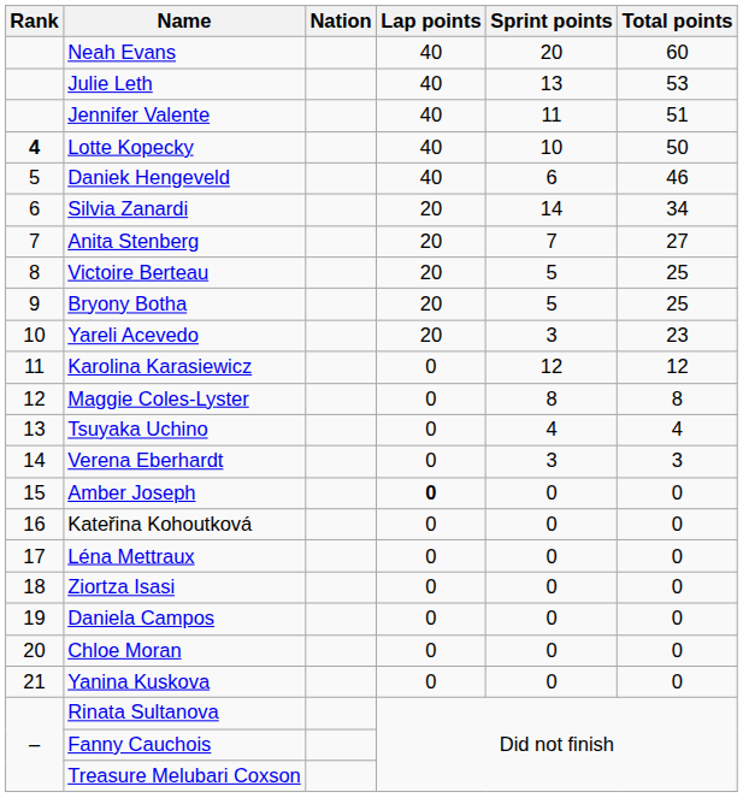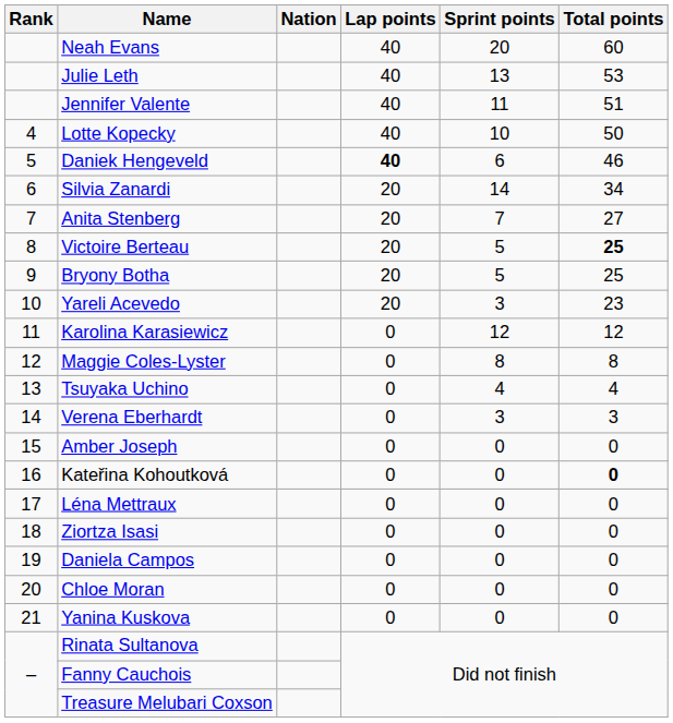 <table class="wikitable sortable" style="text-align:center">
 <tr>
 <th>Rank</th>
 <th>Name</th>
 <th>Nation</th>
 <th>Lap points</th>
 <th>Sprint points</th>
 <th>Total points</th>
 </tr>
 <tr>
 <td></td>
 <td align=left><a href='#'>Neah Evans</a></td>
 <td align=left></td>
 <td>40</td>
 <td>20</td>
 <td>60</td>
 </tr>
 <tr>
 <td></td>
 <td align=left><a href='#'>Julie Leth</a></td>
 <td align=left></td>
 <td>40</td>
 <td>13</td>
 <td>53</td>
 </tr>
 <tr>
 <td></td>
 <td align=left><a href='#'>Jennifer Valente</a></td>
 <td align=left></td>
 <td>40</td>
 <td>11</td>
 <td>51</td>
 </tr>
 <tr>
-<td><strong>4</strong></td>
+<td>4</td>
 <td align=left><a href='#'>Lotte Kopecky</a></td>
 <td align=left></td>
 <td>40</td>
 <td>10</td>
 <td>50</td>
 </tr>
 <tr>
 <td>5</td>
 <td align=left><a href='#'>Daniek Hengeveld</a></td>
 <td align=left></td>
-<td>40</td>
+<td><strong>40</strong></td>
 <td>6</td>
 <td>46</td>
 </tr>
 <tr>
 <td>6</td>
 <td align=left><a href='#'>Silvia Zanardi</a></td>
 <td align=left></td>
 <td>20</td>
 <td>14</td>
 <td>34</td>
 </tr>
 <tr>
 <td>7</td>
 <td align=left><a href='#'>Anita Stenberg</a></td>
 <td align=left></td>
 <td>20</td>
 <td>7</td>
 <td>27</td>
 </tr>
 <tr>
 <td>8</td>
 <td align=left><a href='#'>Victoire Berteau</a></td>
 <td align=left></td>
 <td>20</td>
 <td>5</td>
-<td>25</td>
+<td><strong>25</strong></td>
 </tr>
 <tr>
 <td>9</td>
 <td align=left><a href='#'>Bryony Botha</a></td>
 <td align=left></td>
 <td>20</td>
 <td>5</td>
 <td>25</td>
 </tr>
 <tr>
 <td>10</td>
 <td align=left><a href='#'>Yareli Acevedo</a></td>
 <td align=left></td>
 <td>20</td>
 <td>3</td>
 <td>23</td>
 </tr>
 <tr>
 <td>11</td>
 <td align=left><a href='#'>Karolina Karasiewicz</a></td>
 <td align=left></td>
 <td>0</td>
 <td>12</td>
 <td>12</td>
 </tr>
 <tr>
 <td>12</td>
 <td align=left><a href='#'>Maggie Coles-Lyster</a></td>
 <td align=left></td>
 <td>0</td>
 <td>8</td>
 <td>8</td>
 </tr>
 <tr>
 <td>13</td>
 <td align=left><a href='#'>Tsuyaka Uchino</a></td>
 <td align=left></td>
 <td>0</td>
 <td>4</td>
 <td>4</td>
 </tr>
 <tr>
 <td>14</td>
 <td align=left><a href='#'>Verena Eberhardt</a></td>
 <td align=left></td>
 <td>0</td>
 <td>3</td>
 <td>3</td>
 </tr>
 <tr>
 <td>15</td>
 <td align=left><a href='#'>Amber Joseph</a></td>
 <td align=left></td>
-<td><strong>0</strong></td>
+<td>0</td>
 <td>0</td>
 <td>0</td>
 </tr>
 <tr>
 <td>16</td>
 <td align=left>Kateřina Kohoutková</td>
 <td align=left></td>
 <td>0</td>
 <td>0</td>
-<td>0</td>
+<td><strong>0</strong></td>
 </tr>
 <tr>
 <td>17</td>
 <td align=left><a href='#'>Léna Mettraux</a></td>
 <td align=left></td>
 <td>0</td>
 <td>0</td>
 <td>0</td>
 </tr>
 <tr>
 <td>18</td>
 <td align=left><a href='#'>Ziortza Isasi</a></td>
 <td align=left></td>
 <td>0</td>
 <td>0</td>
 <td>0</td>
 </tr>
 <tr>
 <td>19</td>
 <td align=left><a href='#'>Daniela Campos</a></td>
 <td align=left></td>
 <td>0</td>
 <td>0</td>
 <td>0</td>
 </tr>
 <tr>
 <td>20</td>
 <td align=left><a href='#'>Chloe Moran</a></td>
 <td align=left></td>
 <td>0</td>
 <td>0</td>
 <td>0</td>
 </tr>
 <tr>
 <td>21</td>
 <td align=left><a href='#'>Yanina Kuskova</a></td>
 <td align=left></td>
 <td>0</td>
 <td>0</td>
 <td>0</td>
 </tr>
 <tr>
 <td rowspan=3>–</td>
 <td align=left><a href='#'>Rinata Sultanova</a></td>
 <td align=left></td>
 <td rowspan=3 colspan=3>Did not finish</td>
 </tr>
 <tr>
 <td align=left><a href='#'>Fanny Cauchois</a></td>
 <td align=left></td>
 </tr>
 <tr>
 <td align=left><a href='#'>Treasure Melubari Coxson</a></td>
 <td align=left></td>
 </tr>
 </table>
